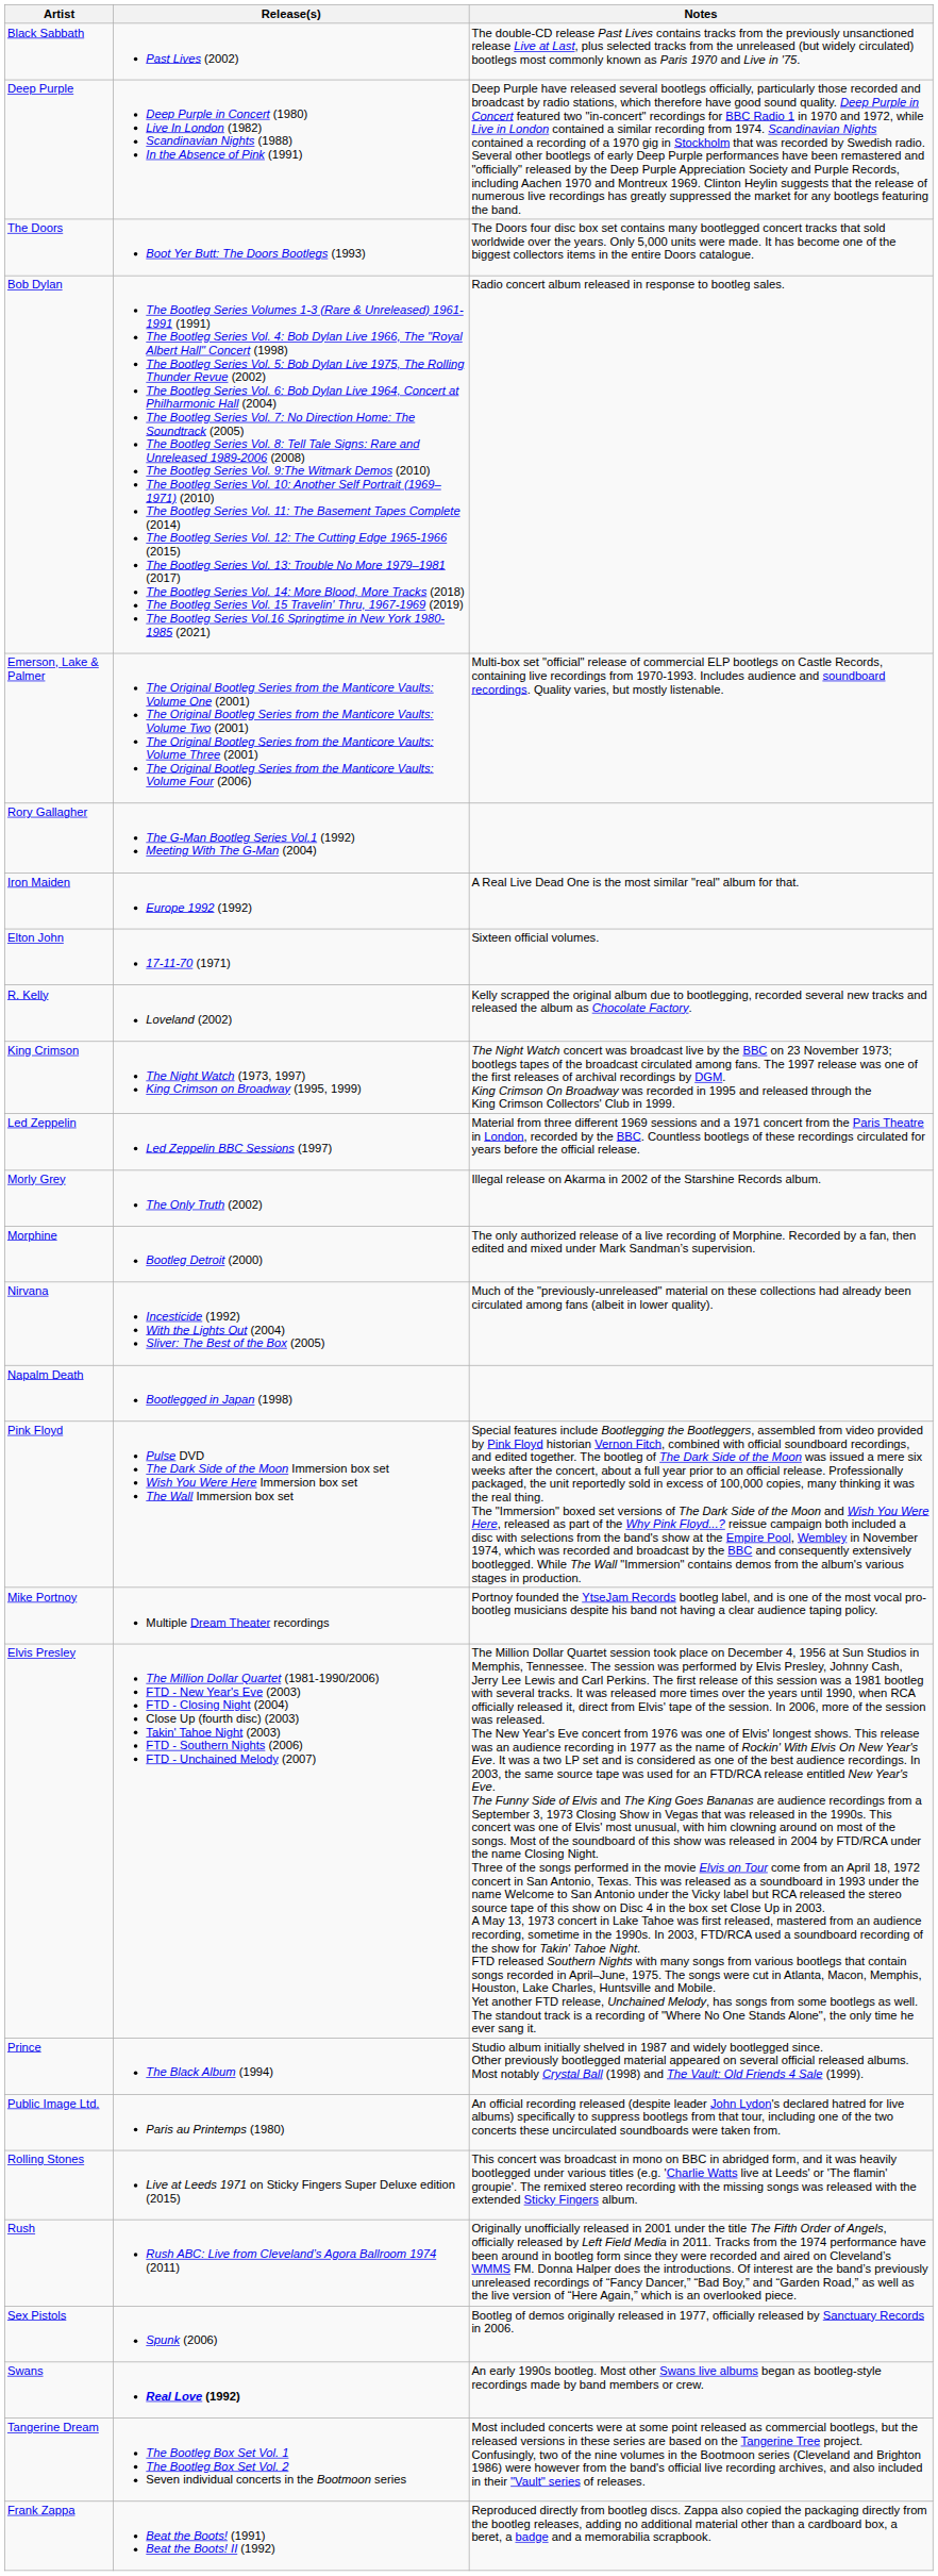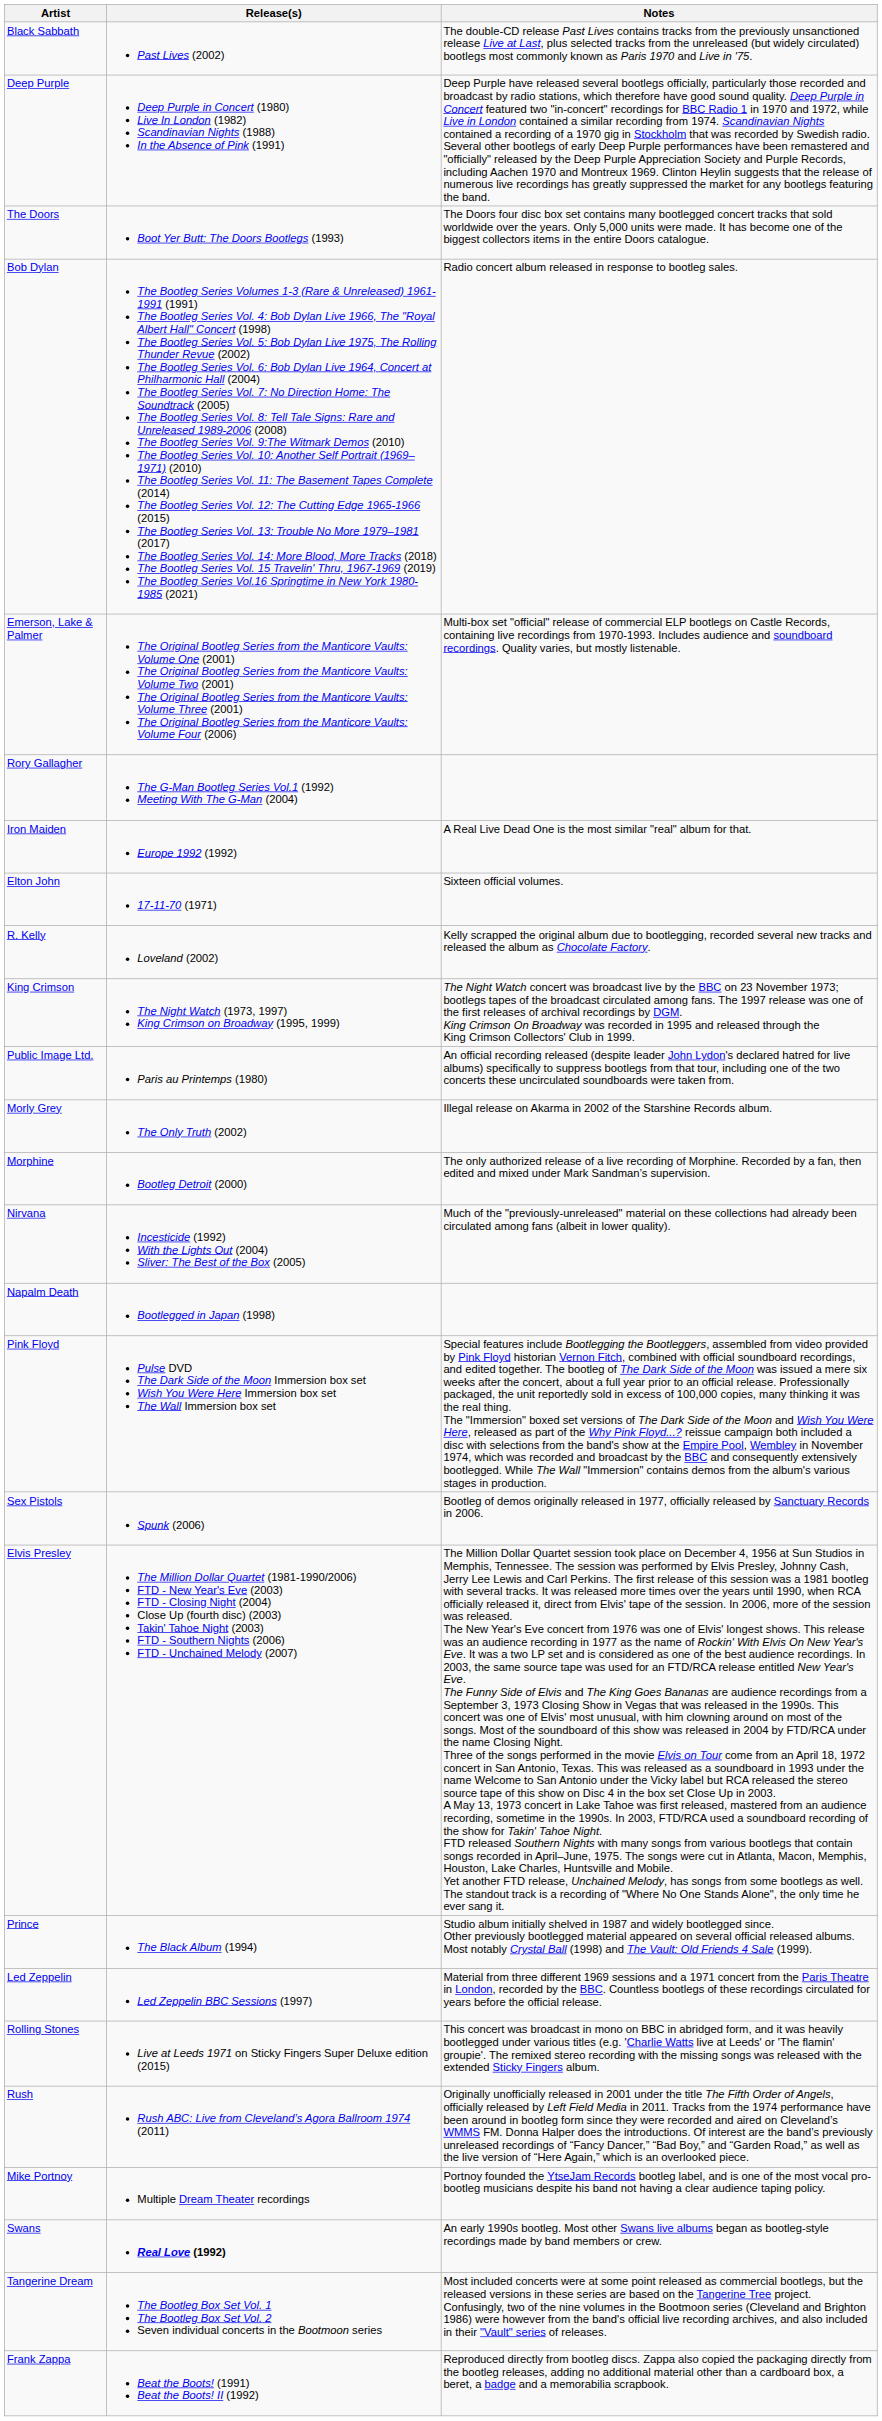 <table class="wikitable" style="padding: 5px; align: center;">
 <tr>
 <th>Artist</th>
 <th>Release(s)</th>
 <th>Notes</th>
 </tr>
 <tr valign="top">
 <td><a href='#'>Black Sabbath</a></td>
 <td><br><ul><li><em><a href='#'>Past Lives</a></em> (2002)</li></ul></td>
 <td>The double-CD release <em>Past Lives</em> contains tracks from the previously unsanctioned release <a href='#'><em>Live at Last</em></a>, plus selected tracks from the unreleased (but widely circulated) bootlegs most commonly known as <em>Paris 1970</em> and <em>Live in '75</em>.</td>
 </tr>
 <tr valign="top">
 <td><a href='#'>Deep Purple</a></td>
 <td><br><ul><li><em><a href='#'>Deep Purple in Concert</a></em> (1980)</li><li><em><a href='#'>Live In London</a></em> (1982)</li><li><em><a href='#'>Scandinavian Nights</a></em> (1988)</li><li><em><a href='#'>In the Absence of Pink</a></em> (1991)</li></ul></td>
 <td>Deep Purple have released several bootlegs officially, particularly those recorded and broadcast by radio stations, which therefore have good sound quality. <em><a href='#'>Deep Purple in Concert</a></em> featured two "in-concert" recordings for <a href='#'>BBC Radio 1</a> in 1970 and 1972, while <em><a href='#'>Live in London</a></em> contained a similar recording from 1974. <em><a href='#'>Scandinavian Nights</a></em> contained a recording of a 1970 gig in <a href='#'>Stockholm</a> that was recorded by Swedish radio. Several other bootlegs of early Deep Purple performances have been remastered and "officially" released by the Deep Purple Appreciation Society and Purple Records, including Aachen 1970 and Montreux 1969. Clinton Heylin suggests that the release of numerous live recordings has greatly suppressed the market for any bootlegs featuring the band.</td>
 </tr>
 <tr valign="top">
 <td><a href='#'>The Doors</a></td>
 <td><br><ul><li><em><a href='#'>Boot Yer Butt: The Doors Bootlegs</a></em>  (1993)</li></ul></td>
 <td>The Doors four disc box set contains many bootlegged concert tracks that sold worldwide over the years. Only 5,000 units were made. It has become one of the biggest collectors items in the entire Doors catalogue.</td>
 </tr>
 <tr valign="top">
 <td><a href='#'>Bob Dylan</a></td>
 <td><br><ul><li><em><a href='#'>The Bootleg Series Volumes 1-3 (Rare & Unreleased) 1961-1991</a></em> (1991)</li><li><em><a href='#'>The Bootleg Series Vol. 4: Bob Dylan Live 1966, The "Royal Albert Hall" Concert</a></em> (1998)</li><li><em><a href='#'>The Bootleg Series Vol. 5: Bob Dylan Live 1975, The Rolling Thunder Revue</a></em> (2002)</li><li><em><a href='#'>The Bootleg Series Vol. 6: Bob Dylan Live 1964, Concert at Philharmonic Hall</a></em> (2004)</li><li><em><a href='#'>The Bootleg Series Vol. 7: No Direction Home: The Soundtrack</a></em> (2005)</li><li><em><a href='#'>The Bootleg Series Vol. 8: Tell Tale Signs: Rare and Unreleased 1989-2006</a></em> (2008)</li><li><em><a href='#'>The Bootleg Series Vol. 9:The Witmark Demos</a></em> (2010)</li><li><em><a href='#'>The Bootleg Series Vol. 10: Another Self Portrait (1969–1971)</a></em> (2010)</li><li><em><a href='#'>The Bootleg Series Vol. 11: The Basement Tapes Complete</a></em> (2014)</li><li><em><a href='#'>The Bootleg Series Vol. 12: The Cutting Edge 1965-1966</a></em> (2015)</li><li><em><a href='#'>The Bootleg Series Vol. 13: Trouble No More 1979–1981</a></em> (2017)</li><li><em><a href='#'>The Bootleg Series Vol. 14: More Blood, More Tracks</a></em> (2018)</li><li><em><a href='#'>The Bootleg Series Vol. 15 Travelin' Thru, 1967-1969</a></em> (2019)</li><li><em><a href='#'>The Bootleg Series Vol.16 Springtime in New York 1980-1985</a></em> (2021)</li></ul></td>
 <td>Radio concert album released in response to bootleg sales.</td>
 </tr>
 <tr valign="top">
 <td><a href='#'>Emerson, Lake & Palmer</a></td>
 <td><br><ul><li><em><a href='#'>The Original Bootleg Series from the Manticore Vaults: Volume One</a></em> (2001)</li><li><em><a href='#'>The Original Bootleg Series from the Manticore Vaults: Volume Two</a></em> (2001)</li><li><em><a href='#'>The Original Bootleg Series from the Manticore Vaults: Volume Three</a></em> (2001)</li><li><em><a href='#'>The Original Bootleg Series from the Manticore Vaults: Volume Four</a></em> (2006)</li></ul></td>
 <td>Multi-box set "official" release of commercial ELP bootlegs on Castle Records, containing live recordings from 1970-1993. Includes audience and <a href='#'>soundboard recordings</a>. Quality varies, but mostly listenable.</td>
 </tr>
 <tr valign="top">
 <td><a href='#'>Rory Gallagher</a></td>
 <td><br><ul><li><em><a href='#'>The G-Man Bootleg Series Vol.1</a></em> (1992)</li><li><em><a href='#'>Meeting With The G-Man</a></em> (2004)</li></ul></td>
 <td></td>
 </tr>
 <tr valign="top">
 <td><a href='#'>Iron Maiden</a></td>
 <td><br><ul><li><em><a href='#'>Europe 1992</a></em> (1992)</li></ul></td>
 <td>A Real Live Dead One is the most similar "real" album for that.</td>
 </tr>
 <tr valign="top">
 <td><a href='#'>Elton John</a></td>
 <td><br><ul><li><em><a href='#'>17-11-70</a></em> (1971)</li></ul></td>
 <td style="vertical-align:top; width:50%;">Sixteen official volumes.</td>
 </tr>
 <tr valign="top">
 <td><a href='#'>R. Kelly</a></td>
 <td><br><ul><li><em>Loveland</em> (2002)</li></ul></td>
 <td>Kelly scrapped the original album due to bootlegging, recorded several new tracks and released the album as <em><a href='#'>Chocolate Factory</a></em>.</td>
 </tr>
 <tr valign="top">
 <td><a href='#'>King Crimson</a></td>
 <td><br><ul><li><em><a href='#'>The Night Watch</a></em> (1973, 1997)</li><li><em><a href='#'>King Crimson on Broadway</a></em> (1995, 1999)</li></ul></td>
 <td><em>The Night Watch</em> concert was broadcast live by the <a href='#'>BBC</a> on 23 November 1973; bootlegs tapes of the broadcast circulated among fans. The 1997 release was one of the first releases of archival recordings by <a href='#'>DGM</a>.<br><em>King Crimson On Broadway</em> was recorded in 1995 and released through the King Crimson Collectors' Club in 1999.</td>
 </tr>
 <tr valign="top">
-<td><a href='#'>Led Zeppelin</a></td>
-<td><br><ul><li><em><a href='#'>Led Zeppelin BBC Sessions</a></em> (1997)</li></ul></td>
-<td>Material from three different 1969 sessions and a 1971 concert from the <a href='#'>Paris Theatre</a> in <a href='#'>London</a>, recorded by the <a href='#'>BBC</a>. Countless bootlegs of these recordings circulated for years before the official release.</td>
+<td><a href='#'>Public Image Ltd.</a></td>
+<td><br><ul><li><em>Paris au Printemps</em> (1980)</li></ul></td>
+<td>An official recording released (despite leader <a href='#'>John Lydon</a>'s declared hatred for live albums) specifically to suppress bootlegs from that tour, including one of the two concerts these uncirculated soundboards were taken from.</td>
 </tr>
 <tr valign="top">
 <td><a href='#'>Morly Grey</a></td>
 <td><br><ul><li><em><a href='#'>The Only Truth</a></em> (2002)</li></ul></td>
 <td>Illegal release on Akarma in 2002 of the Starshine Records album.</td>
 </tr>
 <tr valign="top">
 <td><a href='#'>Morphine</a></td>
 <td><br><ul><li><em><a href='#'>Bootleg Detroit</a></em> (2000)</li></ul></td>
 <td>The only authorized release of a live recording of Morphine. Recorded by a fan, then edited and mixed under Mark Sandman’s supervision.</td>
 </tr>
 <tr valign="top">
 <td><a href='#'>Nirvana</a></td>
 <td><br><ul><li><em><a href='#'>Incesticide</a></em> (1992)</li><li><em><a href='#'>With the Lights Out</a></em> (2004)</li><li><em><a href='#'>Sliver: The Best of the Box</a></em> (2005)</li></ul></td>
 <td>Much of the "previously-unreleased" material on these collections had already been circulated among fans (albeit in lower quality).</td>
 </tr>
 <tr valign="top">
 <td><a href='#'>Napalm Death</a></td>
 <td><br><ul><li><em><a href='#'>Bootlegged in Japan</a></em> (1998)</li></ul></td>
 <td></td>
 </tr>
 <tr valign="top">
 <td><a href='#'>Pink Floyd</a></td>
 <td><br><ul><li><em><a href='#'>Pulse</a></em> DVD</li><li><em><a href='#'>The Dark Side of the Moon</a></em> Immersion box set</li><li><em><a href='#'>Wish You Were Here</a></em> Immersion box set</li><li><em><a href='#'>The Wall</a></em> Immersion box set</li></ul></td>
 <td>Special features include <em>Bootlegging the Bootleggers</em>, assembled from video provided by <a href='#'>Pink Floyd</a> historian <a href='#'>Vernon Fitch</a>, combined with official soundboard recordings, and edited together. The bootleg of <em><a href='#'>The Dark Side of the Moon</a></em> was issued a mere six weeks after the concert, about a full year prior to an official release. Professionally packaged, the unit reportedly sold in excess of 100,000 copies, many thinking it was the real thing.<br>The "Immersion" boxed set versions of <em>The Dark Side of the Moon</em> and <em><a href='#'>Wish You Were Here</a></em>, released as part of the <em><a href='#'>Why Pink Floyd...?</a></em> reissue campaign both included a disc with selections from the band's show at the <a href='#'>Empire Pool</a>, <a href='#'>Wembley</a> in November 1974, which was recorded and broadcast by the <a href='#'>BBC</a> and consequently extensively bootlegged. While <em>The Wall</em> "Immersion" contains demos from the album's various stages in production.</td>
 </tr>
 <tr valign="top">
-<td><a href='#'>Mike Portnoy</a></td>
-<td><br><ul><li>Multiple <a href='#'>Dream Theater</a> recordings</li></ul></td>
-<td>Portnoy founded the <a href='#'>YtseJam Records</a> bootleg label, and is one of the most vocal pro-bootleg musicians despite his band not having a clear audience taping policy.</td>
+<td><a href='#'>Sex Pistols</a></td>
+<td><br><ul><li><em><a href='#'>Spunk</a></em> (2006)</li></ul></td>
+<td>Bootleg of demos originally released in 1977, officially released by <a href='#'>Sanctuary Records</a> in 2006.</td>
 </tr>
 <tr valign="top">
 <td><a href='#'>Elvis Presley</a></td>
 <td><br><ul><li><em><a href='#'>The Million Dollar Quartet</a></em> (1981-1990/2006)</li><li><a href='#'>FTD - New Year's Eve</a> (2003)</li><li><a href='#'>FTD - Closing Night</a> (2004)</li><li>Close Up (fourth disc) (2003)</li><li><a href='#'>Takin' Tahoe Night</a> (2003)</li><li><a href='#'>FTD - Southern Nights</a> (2006)</li><li><a href='#'>FTD - Unchained Melody</a> (2007)</li></ul></td>
 <td>The Million Dollar Quartet session took place on December 4, 1956 at Sun Studios in Memphis, Tennessee. The session was performed by Elvis Presley, Johnny Cash, Jerry Lee Lewis and Carl Perkins. The first release of this session was a 1981 bootleg with several tracks. It was released more times over the years until 1990, when RCA officially released it, direct from Elvis' tape of the session. In 2006, more of the session was released.<br>The New Year's Eve concert from 1976 was one of Elvis' longest shows. This release was an audience recording in 1977 as the name of <em>Rockin' With Elvis On New Year's Eve</em>. It was a two LP set and is considered as one of the best audience recordings. In 2003, the same source tape was used for an FTD/RCA release entitled <em>New Year's Eve</em>.<br><em>The Funny Side of Elvis</em> and <em>The King Goes Bananas</em> are audience recordings from a September 3, 1973 Closing Show in Vegas that was released in the 1990s. This concert was one of Elvis' most unusual, with him clowning around on most of the songs. Most of the soundboard of this show was released in 2004 by FTD/RCA under the name Closing Night.<br>Three of the songs performed in the movie <em><a href='#'>Elvis on Tour</a></em> come from an April 18, 1972 concert in San Antonio, Texas. This was released as a soundboard in 1993 under the name Welcome to San Antonio under the Vicky label but RCA released the stereo source tape of this show on Disc 4 in the box set Close Up in 2003.<br>A May 13, 1973 concert in Lake Tahoe was first released, mastered from an audience recording, sometime in the 1990s. In 2003, FTD/RCA used a soundboard recording of the show for <em>Takin' Tahoe Night</em>.<br>FTD released <em>Southern Nights</em> with many songs from various bootlegs that contain songs recorded in April–June, 1975. The songs were cut in Atlanta, Macon, Memphis, Houston, Lake Charles, Huntsville and Mobile.<br>Yet another FTD release, <em>Unchained Melody</em>, has songs from some bootlegs as well. The standout track is a recording of "Where No One Stands Alone", the only time he ever sang it.</td>
 </tr>
 <tr valign="top">
 <td><a href='#'>Prince</a></td>
 <td><br><ul><li><em><a href='#'>The Black Album</a></em> (1994)</li></ul></td>
 <td>Studio album initially shelved in 1987 and widely bootlegged since.<br>Other previously bootlegged material appeared on several official released albums. Most notably <em><a href='#'>Crystal Ball</a></em> (1998) and <em><a href='#'>The Vault: Old Friends 4 Sale</a></em> (1999).</td>
 </tr>
 <tr valign="top">
-<td><a href='#'>Public Image Ltd.</a></td>
-<td><br><ul><li><em>Paris au Printemps</em> (1980)</li></ul></td>
-<td>An official recording released (despite leader <a href='#'>John Lydon</a>'s declared hatred for live albums) specifically to suppress bootlegs from that tour, including one of the two concerts these uncirculated soundboards were taken from.</td>
+<td><a href='#'>Led Zeppelin</a></td>
+<td><br><ul><li><em><a href='#'>Led Zeppelin BBC Sessions</a></em> (1997)</li></ul></td>
+<td>Material from three different 1969 sessions and a 1971 concert from the <a href='#'>Paris Theatre</a> in <a href='#'>London</a>, recorded by the <a href='#'>BBC</a>. Countless bootlegs of these recordings circulated for years before the official release.</td>
 </tr>
 <tr valign="top">
 <td><a href='#'>Rolling Stones</a></td>
 <td><br><ul><li><em>Live at Leeds 1971</em> on Sticky Fingers Super Deluxe edition (2015)</li></ul></td>
 <td>This concert was broadcast in mono on BBC in abridged form, and it was heavily bootlegged under various titles (e.g. '<a href='#'>Charlie Watts</a> live at Leeds' or 'The flamin' groupie'. The remixed stereo recording with the missing songs was released with the extended <a href='#'>Sticky Fingers</a> album.</td>
 </tr>
 <tr valign="top">
 <td><a href='#'>Rush</a></td>
 <td><br><ul><li><em><a href='#'>Rush ABC: Live from Cleveland’s Agora Ballroom 1974</a></em> (2011)</li></ul></td>
 <td>Originally unofficially released in 2001 under the title <em>The Fifth Order of Angels</em>, officially released by <em>Left Field Media</em> in 2011. Tracks from the 1974 performance have been around in bootleg form since they were recorded and aired on Cleveland’s <a href='#'>WMMS</a> FM. Donna Halper does the introductions. Of interest are the band’s previously unreleased recordings of “Fancy Dancer,” “Bad Boy,” and “Garden Road,” as well as the live version of “Here Again,” which is an overlooked piece.</td>
 </tr>
 <tr valign="top">
-<td><a href='#'>Sex Pistols</a></td>
-<td><br><ul><li><em><a href='#'>Spunk</a></em> (2006)</li></ul></td>
-<td>Bootleg of demos originally released in 1977, officially released by <a href='#'>Sanctuary Records</a> in 2006.</td>
+<td><a href='#'>Mike Portnoy</a></td>
+<td><br><ul><li>Multiple <a href='#'>Dream Theater</a> recordings</li></ul></td>
+<td>Portnoy founded the <a href='#'>YtseJam Records</a> bootleg label, and is one of the most vocal pro-bootleg musicians despite his band not having a clear audience taping policy.</td>
 </tr>
 <tr valign="top">
 <td><a href='#'>Swans</a></td>
 <td><strong><br><ul><li><em><a href='#'>Real Love</a></em> (1992)</li></ul></strong></td>
 <td>An early 1990s bootleg. Most other <a href='#'>Swans live albums</a> began as bootleg-style recordings made by band members or crew.</td>
 </tr>
 <tr valign="top">
 <td><a href='#'>Tangerine Dream</a></td>
 <td><br><ul><li><em><a href='#'>The Bootleg Box Set Vol. 1</a></em></li><li><em><a href='#'>The Bootleg Box Set Vol. 2</a></em></li><li>Seven individual concerts in the <em>Bootmoon</em> series</li></ul></td>
 <td>Most included concerts were at some point released as commercial bootlegs, but the released versions in these series are based on the <a href='#'>Tangerine Tree</a> project. Confusingly, two of the nine volumes in the Bootmoon series (Cleveland and Brighton 1986) were however from the band's official live recording archives, and also included in their <a href='#'>"Vault" series</a> of releases.</td>
 </tr>
 <tr valign="top">
 <td><a href='#'>Frank Zappa</a></td>
 <td><br><ul><li><em><a href='#'>Beat the Boots!</a></em> (1991)</li><li><em><a href='#'>Beat the Boots! II</a></em> (1992)</li></ul></td>
 <td>Reproduced directly from bootleg discs.  Zappa also copied the packaging directly from the bootleg releases, adding no additional material other than a cardboard box, a beret, a <a href='#'>badge</a> and a memorabilia scrapbook.</td>
 </tr>
 </table>
